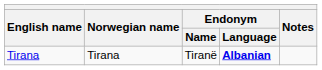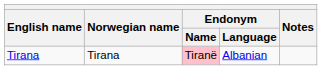 <table class="wikitable sortable">
 <tr>
 <th colspan="5"></th>
 </tr>
 <tr>
 <th rowspan="2">English name</th>
 <th rowspan="2">Norwegian name</th>
 <th colspan="2">Endonym</th>
 <th rowspan="2">Notes</th>
 </tr>
 <tr>
 <th>Name</th>
 <th>Language</th>
 </tr>
 <tr>
 <td><a href='#'>Tirana</a></td>
 <td>Tirana</td>
-<td>Tiranë</td>
-<td><strong><a href='#'>Albanian</a></strong></td>
+<td style="background: pink;">Tiranë</td>
+<td><a href='#'>Albanian</a></td>
 <td></td>
 </tr>
 </table>
